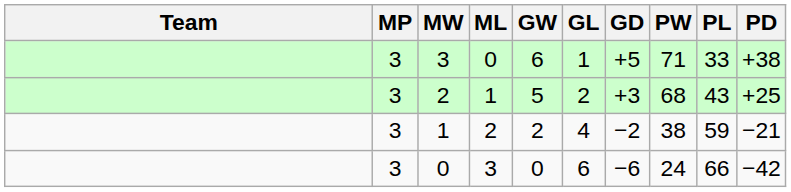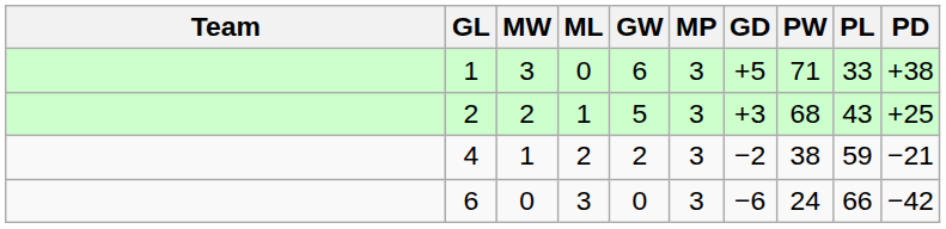 <table class=wikitable style="text-align:center">
 <tr>
 <th width=250>Team</th>
-<th width=20>MP</th>
+<th width=20>GL</th>
 <th width=20>MW</th>
 <th width=20>ML</th>
 <th width=20>GW</th>
-<th width=20>GL</th>
+<th width=20>MP</th>
 <th width=20>GD</th>
 <th width=20>PW</th>
 <th width=20>PL</th>
 <th width=20>PD</th>
 </tr>
 <tr style="background:#cfc;">
 <td align=left><br></td>
-<td>3</td>
+<td>1</td>
 <td>3</td>
 <td>0</td>
 <td>6</td>
-<td>1</td>
+<td>3</td>
 <td>+5</td>
 <td>71</td>
 <td>33</td>
 <td>+38</td>
 </tr>
 <tr style="background:#cfc;">
 <td align=left><br></td>
-<td>3</td>
+<td>2</td>
 <td>2</td>
 <td>1</td>
 <td>5</td>
-<td>2</td>
+<td>3</td>
 <td>+3</td>
 <td>68</td>
 <td>43</td>
 <td>+25</td>
 </tr>
 <tr>
 <td align=left><br></td>
-<td>3</td>
+<td>4</td>
 <td>1</td>
 <td>2</td>
 <td>2</td>
-<td>4</td>
+<td>3</td>
 <td>−2</td>
 <td>38</td>
 <td>59</td>
 <td>−21</td>
 </tr>
 <tr>
 <td align=left><br></td>
+<td>6</td>
+<td>0</td>
 <td>3</td>
 <td>0</td>
 <td>3</td>
-<td>0</td>
-<td>6</td>
 <td>−6</td>
 <td>24</td>
 <td>66</td>
 <td>−42</td>
 </tr>
 </table>
